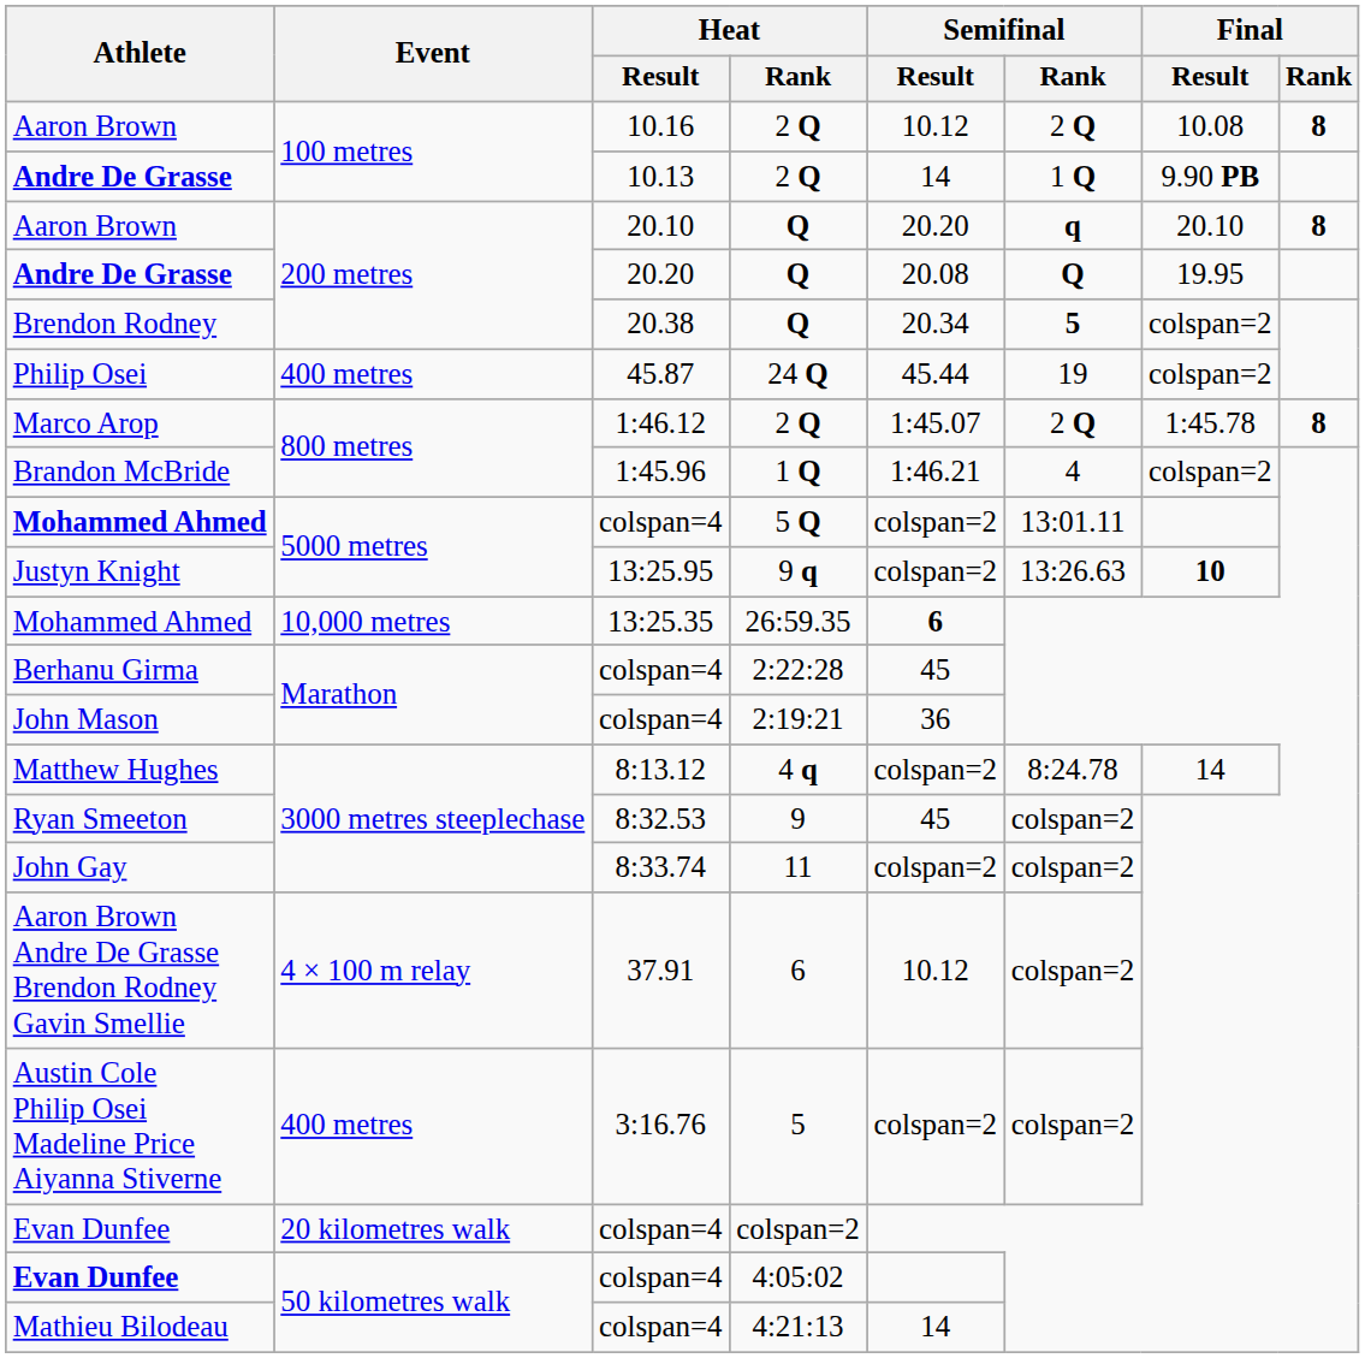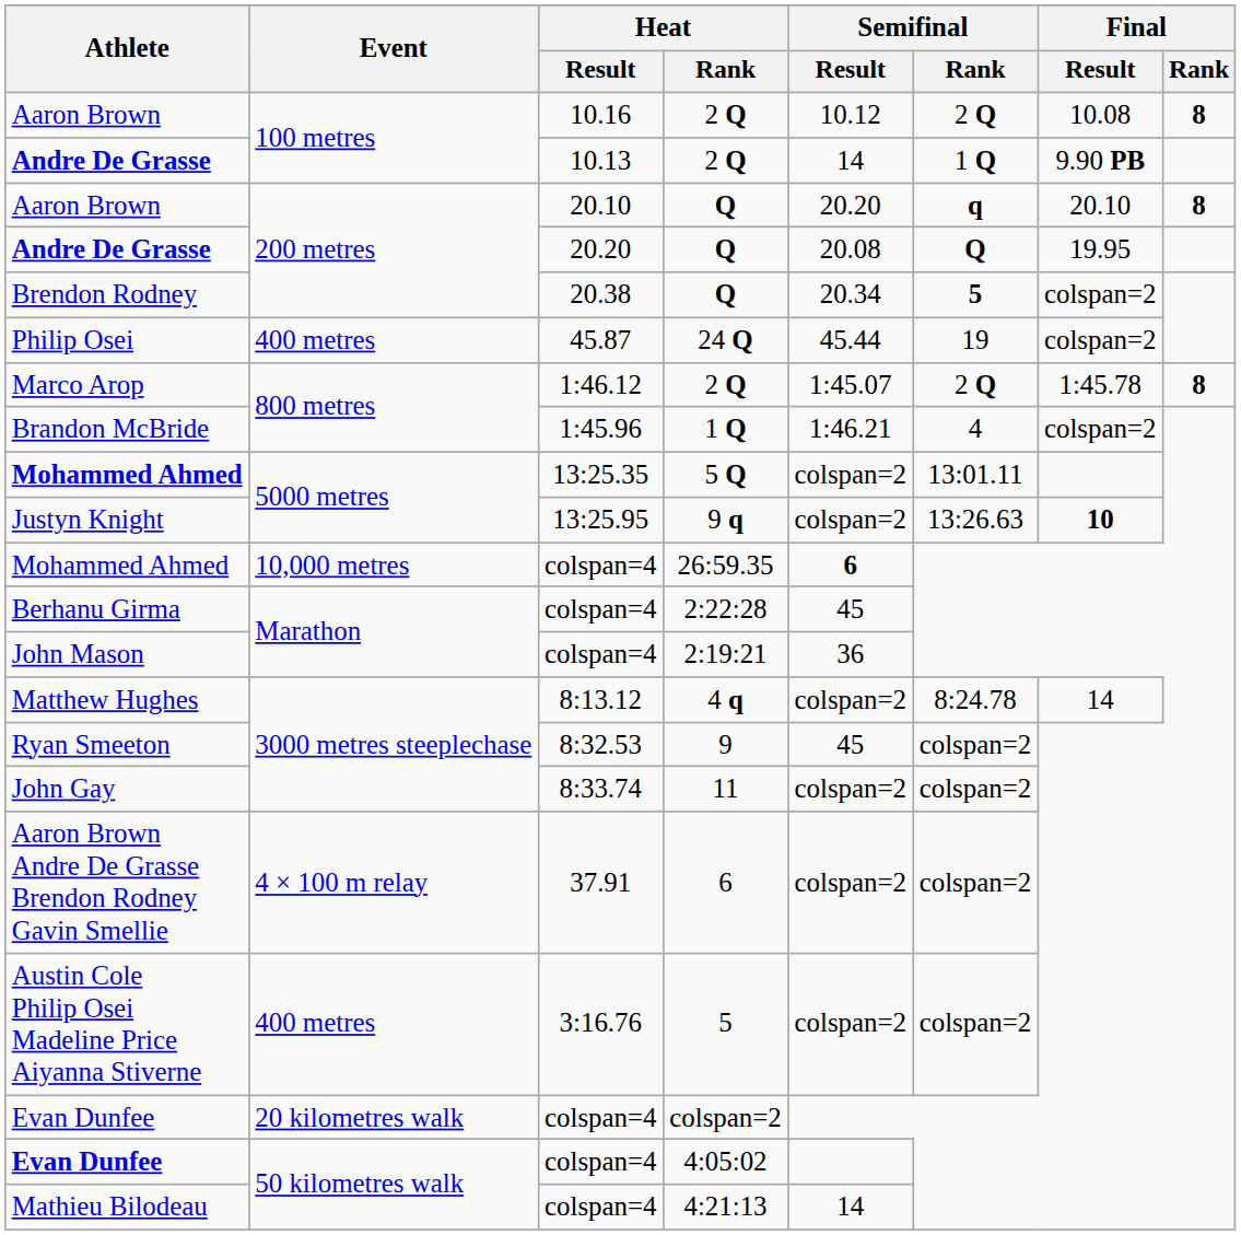 <table class="wikitable" style="font-size:90%">
 <tr>
 <th rowspan="2">Athlete</th>
 <th rowspan="2">Event</th>
 <th colspan="2">Heat</th>
 <th colspan="2">Semifinal</th>
 <th colspan="2">Final</th>
 </tr>
 <tr style="font-size:95%">
 <th>Result</th>
 <th>Rank</th>
 <th>Result</th>
 <th>Rank</th>
 <th>Result</th>
 <th>Rank</th>
 </tr>
 <tr align=center>
 <td align=left><a href='#'>Aaron Brown</a></td>
 <td align=left rowspan=2><a href='#'>100 metres</a></td>
 <td>10.16</td>
 <td>2 <strong>Q</strong></td>
 <td>10.12</td>
 <td>2 <strong>Q</strong></td>
 <td>10.08</td>
 <td><strong>8</strong></td>
 </tr>
 <tr align=center>
 <td align=left><strong><a href='#'>Andre De Grasse</a></strong></td>
 <td>10.13</td>
 <td>2 <strong>Q</strong></td>
 <td>14</td>
 <td>1 <strong>Q</strong></td>
 <td>9.90 <strong>PB</strong></td>
 <td></td>
 </tr>
 <tr align=center>
 <td align=left><a href='#'>Aaron Brown</a></td>
 <td align=left rowspan=3><a href='#'>200 metres</a></td>
 <td>20.10</td>
 <td><strong>Q</strong></td>
 <td>20.20</td>
 <td><strong>q</strong></td>
 <td>20.10</td>
 <td><strong>8</strong></td>
 </tr>
 <tr align=center>
 <td align=left><strong><a href='#'>Andre De Grasse</a></strong></td>
 <td>20.20</td>
 <td><strong>Q</strong></td>
 <td>20.08</td>
 <td><strong>Q</strong></td>
 <td>19.95</td>
 <td></td>
 </tr>
 <tr align=center>
 <td align=left><a href='#'>Brendon Rodney</a></td>
 <td>20.38</td>
 <td><strong>Q</strong></td>
 <td>20.34</td>
 <td><strong>5</strong></td>
 <td>colspan=2 </td>
 </tr>
 <tr align=center>
 <td align=left><a href='#'>Philip Osei</a></td>
 <td align=left><a href='#'>400 metres</a></td>
 <td>45.87</td>
 <td>24 <strong>Q</strong></td>
 <td>45.44</td>
 <td>19</td>
 <td>colspan=2 </td>
 </tr>
 <tr align=center>
 <td align=left><a href='#'>Marco Arop</a></td>
 <td align=left rowspan=2><a href='#'>800 metres</a></td>
 <td>1:46.12</td>
 <td>2 <strong>Q</strong></td>
 <td>1:45.07</td>
 <td>2 <strong>Q</strong></td>
 <td>1:45.78</td>
 <td><strong>8</strong></td>
 </tr>
 <tr align=center>
 <td align=left><a href='#'>Brandon McBride</a></td>
 <td>1:45.96</td>
 <td>1 <strong>Q</strong></td>
 <td>1:46.21</td>
 <td>4</td>
 <td>colspan=2 </td>
 </tr>
 <tr align=center>
 <td align=left><strong><a href='#'>Mohammed Ahmed</a></strong></td>
 <td align=left rowspan=2><a href='#'>5000 metres</a></td>
-<td>colspan=4 </td>
+<td>13:25.35</td>
 <td>5 <strong>Q</strong></td>
 <td>colspan=2 </td>
 <td>13:01.11</td>
 <td></td>
 </tr>
 <tr align=center>
 <td align=left><a href='#'>Justyn Knight</a></td>
 <td>13:25.95</td>
 <td>9 <strong>q</strong></td>
 <td>colspan=2 </td>
 <td>13:26.63</td>
 <td><strong>10</strong></td>
 </tr>
 <tr align=center>
 <td align=left><a href='#'>Mohammed Ahmed</a></td>
 <td align=left><a href='#'>10,000 metres</a></td>
-<td>13:25.35</td>
+<td>colspan=4 </td>
 <td>26:59.35 <strong></strong></td>
 <td><strong>6</strong></td>
 </tr>
 <tr align=center>
 <td align=left><a href='#'>Berhanu Girma</a></td>
 <td align=left rowspan=2><a href='#'>Marathon</a></td>
 <td>colspan=4 </td>
 <td>2:22:28</td>
 <td>45</td>
 </tr>
 <tr align=center>
 <td align=left><a href='#'>John Mason</a></td>
 <td>colspan=4 </td>
 <td>2:19:21</td>
 <td>36</td>
 </tr>
 <tr align=center>
 <td align=left><a href='#'>Matthew Hughes</a></td>
 <td align=left rowspan=3><a href='#'>3000 metres steeplechase</a></td>
 <td>8:13.12</td>
 <td>4 <strong>q</strong></td>
 <td>colspan=2 </td>
 <td>8:24.78</td>
 <td>14</td>
 </tr>
 <tr align=center>
 <td align=left><a href='#'>Ryan Smeeton</a></td>
 <td>8:32.53</td>
 <td>9</td>
 <td>45</td>
 <td>colspan=2 </td>
 </tr>
 <tr align=center>
 <td align=left><a href='#'>John Gay</a></td>
 <td>8:33.74</td>
 <td>11</td>
 <td>colspan=2 </td>
 <td>colspan=2 </td>
 </tr>
 <tr align=center>
 <td align=left><a href='#'>Aaron Brown</a><br><a href='#'>Andre De Grasse</a><br><a href='#'>Brendon Rodney</a><br><a href='#'>Gavin Smellie</a></td>
 <td align=left><a href='#'>4 × 100 m relay</a></td>
 <td>37.91</td>
 <td>6</td>
-<td>10.12</td>
+<td>colspan=2 </td>
 <td>colspan=2 </td>
 </tr>
 <tr align=center>
 <td align=left><a href='#'>Austin Cole</a><br><a href='#'>Philip Osei</a><br><a href='#'>Madeline Price</a><br><a href='#'>Aiyanna Stiverne</a></td>
 <td align=left><a href='#'>400 metres</a></td>
 <td>3:16.76 <strong></strong></td>
 <td>5</td>
 <td>colspan=2 </td>
 <td>colspan=2 </td>
 </tr>
 <tr align=center>
 <td align=left><a href='#'>Evan Dunfee</a></td>
 <td align=left><a href='#'>20 kilometres walk</a></td>
 <td>colspan=4 </td>
 <td>colspan=2 </td>
 </tr>
 <tr align=center>
 <td align=left><strong><a href='#'>Evan Dunfee</a></strong></td>
 <td align=left rowspan=2><a href='#'>50 kilometres walk</a></td>
 <td>colspan=4 </td>
 <td>4:05:02</td>
 <td></td>
 </tr>
 <tr align=center>
 <td align=left><a href='#'>Mathieu Bilodeau</a></td>
 <td>colspan=4 </td>
 <td>4:21:13</td>
 <td>14</td>
 </tr>
 </table>
